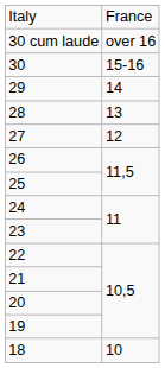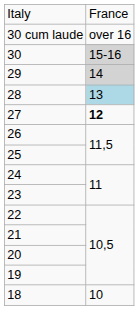 <table class="wikitable">
 <tr>
 <td>Italy</td>
 <td>France</td>
 </tr>
 <tr>
 <td>30 cum laude</td>
 <td>over 16</td>
 </tr>
 <tr>
 <td>30</td>
-<td>15-16</td>
+<td style="background: lightgrey;">15-16</td>
 </tr>
 <tr>
 <td>29</td>
-<td>14</td>
+<td style="background: lightgrey;">14</td>
 </tr>
 <tr>
 <td>28</td>
-<td>13</td>
+<td style="background: lightblue;">13</td>
 </tr>
 <tr>
 <td>27</td>
-<td>12</td>
+<td><strong>12</strong></td>
 </tr>
 <tr>
 <td>26</td>
 <td rowspan="2">11,5</td>
 </tr>
 <tr>
 <td>25</td>
 </tr>
 <tr>
 <td>24</td>
 <td rowspan="2">11</td>
 </tr>
 <tr>
 <td>23</td>
 </tr>
 <tr>
 <td>22</td>
 <td rowspan="4">10,5</td>
 </tr>
 <tr>
 <td>21</td>
 </tr>
 <tr>
 <td>20</td>
 </tr>
 <tr>
 <td>19</td>
 </tr>
 <tr>
 <td>18</td>
 <td>10</td>
 </tr>
 </table>
